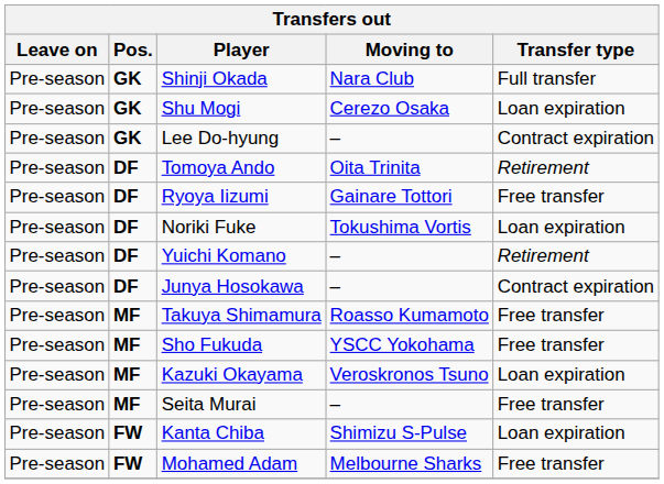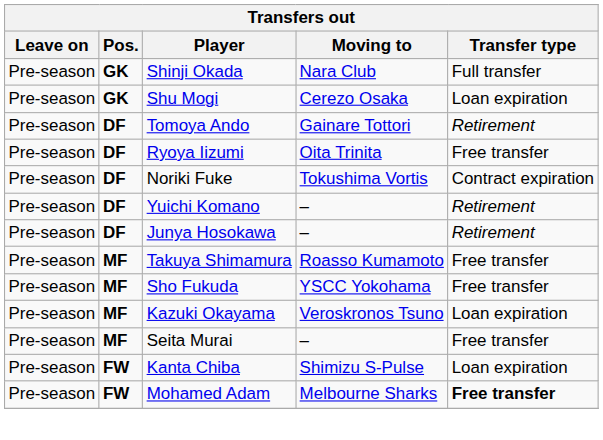 <table class="wikitable sortable" style=“text-align:left;>
 <tr>
 <th colspan="5">Transfers out</th>
 </tr>
 <tr>
 <th>Leave on</th>
 <th>Pos.</th>
 <th>Player</th>
 <th>Moving to</th>
 <th>Transfer type</th>
 </tr>
 <tr>
 <td>Pre-season</td>
 <td><strong>GK</strong></td>
 <td> <a href='#'>Shinji Okada</a></td>
 <td> <a href='#'>Nara Club</a></td>
 <td>Full transfer</td>
 </tr>
 <tr>
 <td>Pre-season</td>
 <td><strong>GK</strong></td>
 <td> <a href='#'>Shu Mogi</a></td>
 <td> <a href='#'>Cerezo Osaka</a></td>
 <td>Loan expiration</td>
 </tr>
 <tr>
 <td>Pre-season</td>
-<td><strong>GK</strong></td>
-<td> Lee Do-hyung</td>
-<td>–</td>
-<td>Contract expiration</td>
-</tr>
-<tr>
-<td>Pre-season</td>
 <td><strong>DF</strong></td>
 <td> <a href='#'>Tomoya Ando</a></td>
-<td> <a href='#'>Oita Trinita</a></td>
+<td> <a href='#'>Gainare Tottori</a></td>
 <td><em>Retirement</em></td>
 </tr>
 <tr>
 <td>Pre-season</td>
 <td><strong>DF</strong></td>
 <td> <a href='#'>Ryoya Iizumi</a></td>
-<td> <a href='#'>Gainare Tottori</a></td>
+<td> <a href='#'>Oita Trinita</a></td>
 <td>Free transfer</td>
 </tr>
 <tr>
 <td>Pre-season</td>
 <td><strong>DF</strong></td>
 <td> Noriki Fuke</td>
 <td> <a href='#'>Tokushima Vortis</a></td>
-<td>Loan expiration</td>
+<td>Contract expiration</td>
 </tr>
 <tr>
 <td>Pre-season</td>
 <td><strong>DF</strong></td>
 <td> <a href='#'>Yuichi Komano</a></td>
 <td>–</td>
 <td><em>Retirement</em></td>
 </tr>
 <tr>
 <td>Pre-season</td>
 <td><strong>DF</strong></td>
 <td> <a href='#'>Junya Hosokawa</a></td>
 <td>–</td>
-<td>Contract expiration</td>
+<td><em>Retirement</em></td>
 </tr>
 <tr>
 <td>Pre-season</td>
 <td><strong>MF</strong></td>
 <td> <a href='#'>Takuya Shimamura</a></td>
 <td> <a href='#'>Roasso Kumamoto</a></td>
 <td>Free transfer</td>
 </tr>
 <tr>
 <td>Pre-season</td>
 <td><strong>MF</strong></td>
 <td> <a href='#'>Sho Fukuda</a></td>
 <td> <a href='#'>YSCC Yokohama</a></td>
 <td>Free transfer</td>
 </tr>
 <tr>
 <td>Pre-season</td>
 <td><strong>MF</strong></td>
 <td> <a href='#'>Kazuki Okayama</a></td>
 <td> <a href='#'>Veroskronos Tsuno</a></td>
 <td>Loan expiration</td>
 </tr>
 <tr>
 <td>Pre-season</td>
 <td><strong>MF</strong></td>
 <td> Seita Murai</td>
 <td>–</td>
 <td>Free transfer</td>
 </tr>
 <tr>
 <td>Pre-season</td>
 <td><strong>FW</strong></td>
 <td> <a href='#'>Kanta Chiba</a></td>
 <td> <a href='#'>Shimizu S-Pulse</a></td>
 <td>Loan expiration</td>
 </tr>
 <tr>
 <td>Pre-season</td>
 <td><strong>FW</strong></td>
 <td> <a href='#'>Mohamed Adam</a></td>
 <td> <a href='#'>Melbourne Sharks</a></td>
-<td>Free transfer</td>
+<td><strong>Free transfer</strong></td>
 </tr>
 <tr>
 </tr>
 </table>
